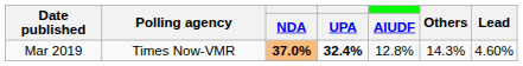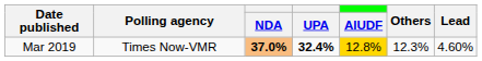 <table class="wikitable sortable" style="text-align:center;font-size:95%;line-height:16px">
 <tr>
 <th rowspan="2" width="100px">Date published</th>
 <th rowspan="2" width="175px">Polling agency</th>
 <th style="background:"></th>
 <th style="background:"></th>
 <th style="background:#00FF00"></th>
 <th rowspan="2" width="50px" class="unsortable">Others</th>
 <th rowspan="2">Lead</th>
 </tr>
 <tr>
 <th width="50px" class="unsortable"><a href='#'>NDA</a></th>
 <th width="50px" class="unsortable"><a href='#'>UPA</a></th>
 <th width="50px" class="unsortable"><a href='#'>AIUDF</a></th>
 </tr>
 <tr>
 <td>Mar 2019</td>
 <td>Times Now-VMR</td>
 <td style="background:#F9BC7F"><strong>37.0%</strong></td>
 <td><strong>32.4%</strong></td>
-<td>12.8%</td>
-<td>14.3%</td>
+<td style="background: gold;">12.8%</td>
+<td>12.3%</td>
 <td style="background:"><span>4.60%</span></td>
 </tr>
 </table>
